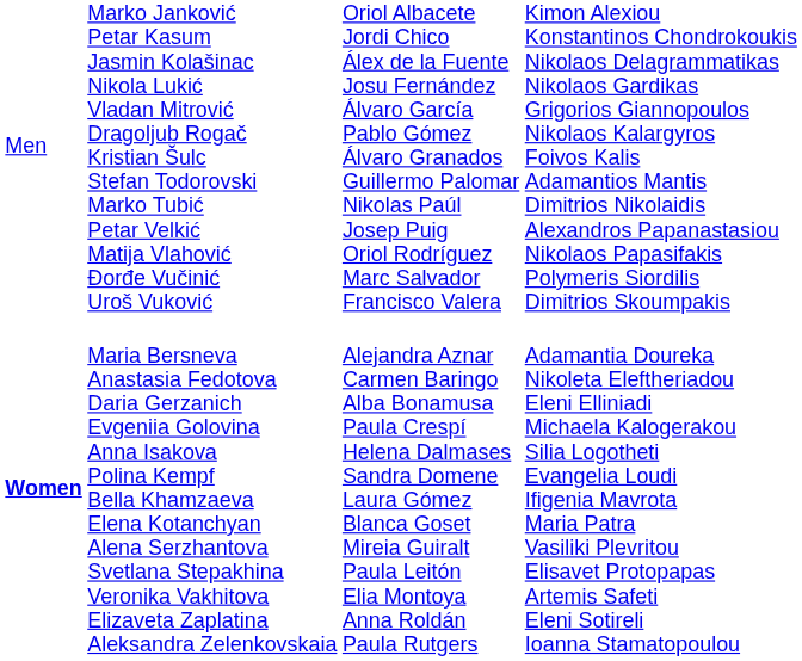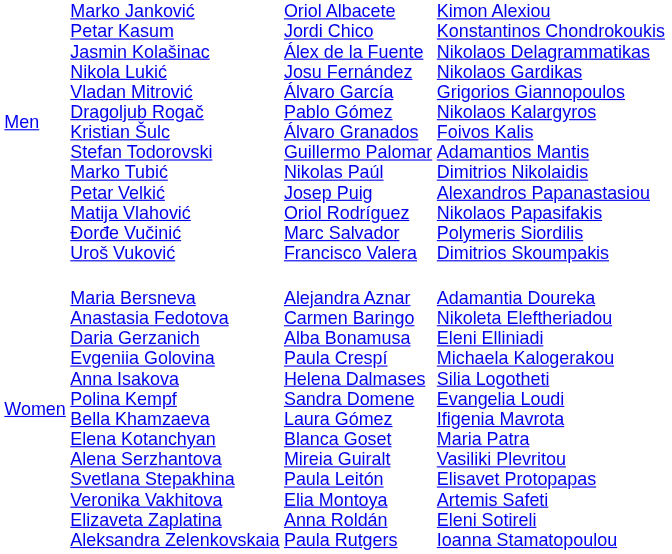 <table>
 <tr>
 <td><a href='#'>Men</a></td>
 <td><br><a href='#'>Marko Janković</a><br><a href='#'>Petar Kasum</a><br><a href='#'>Jasmin Kolašinac</a><br><a href='#'>Nikola Lukić</a><br><a href='#'>Vladan Mitrović</a><br><a href='#'>Dragoljub Rogač</a><br><a href='#'>Kristian Šulc</a><br><a href='#'>Stefan Todorovski</a><br><a href='#'>Marko Tubić</a><br><a href='#'>Petar Velkić</a><br><a href='#'>Matija Vlahović</a><br><a href='#'>Đorđe Vučinić</a><br><a href='#'>Uroš Vuković</a></td>
 <td><br><a href='#'>Oriol Albacete</a><br><a href='#'>Jordi Chico</a><br><a href='#'>Álex de la Fuente</a><br><a href='#'>Josu Fernández</a><br><a href='#'>Álvaro García</a><br><a href='#'>Pablo Gómez</a><br><a href='#'>Álvaro Granados</a><br><a href='#'>Guillermo Palomar</a><br><a href='#'>Nikolas Paúl</a><br><a href='#'>Josep Puig</a><br><a href='#'>Oriol Rodríguez</a><br><a href='#'>Marc Salvador</a><br><a href='#'>Francisco Valera</a></td>
 <td><br><a href='#'>Kimon Alexiou</a><br><a href='#'>Konstantinos Chondrokoukis</a><br><a href='#'>Nikolaos Delagrammatikas</a><br><a href='#'>Nikolaos Gardikas</a><br><a href='#'>Grigorios Giannopoulos</a><br><a href='#'>Nikolaos Kalargyros</a><br><a href='#'>Foivos Kalis</a><br><a href='#'>Adamantios Mantis</a><br><a href='#'>Dimitrios Nikolaidis</a><br><a href='#'>Alexandros Papanastasiou</a><br><a href='#'>Nikolaos Papasifakis</a><br><a href='#'>Polymeris Siordilis</a><br><a href='#'>Dimitrios Skoumpakis</a></td>
 </tr>
 <tr>
-<td><strong><a href='#'>Women</a></strong></td>
+<td><a href='#'>Women</a></td>
 <td><br><a href='#'>Maria Bersneva</a><br><a href='#'>Anastasia Fedotova</a><br><a href='#'>Daria Gerzanich</a><br><a href='#'>Evgeniia Golovina</a><br><a href='#'>Anna Isakova</a><br><a href='#'>Polina Kempf</a><br><a href='#'>Bella Khamzaeva</a><br><a href='#'>Elena Kotanchyan</a><br><a href='#'>Alena Serzhantova</a><br><a href='#'>Svetlana Stepakhina</a><br><a href='#'>Veronika Vakhitova</a><br><a href='#'>Elizaveta Zaplatina</a><br><a href='#'>Aleksandra Zelenkovskaia</a></td>
 <td><br><a href='#'>Alejandra Aznar</a><br><a href='#'>Carmen Baringo</a><br><a href='#'>Alba Bonamusa</a><br><a href='#'>Paula Crespí</a><br><a href='#'>Helena Dalmases</a><br><a href='#'>Sandra Domene</a><br><a href='#'>Laura Gómez</a><br><a href='#'>Blanca Goset</a><br><a href='#'>Mireia Guiralt</a><br><a href='#'>Paula Leitón</a><br><a href='#'>Elia Montoya</a><br><a href='#'>Anna Roldán</a><br><a href='#'>Paula Rutgers</a></td>
 <td><br><a href='#'>Adamantia Doureka</a><br><a href='#'>Nikoleta Eleftheriadou</a><br><a href='#'>Eleni Elliniadi</a><br><a href='#'>Michaela Kalogerakou</a><br><a href='#'>Silia Logotheti</a><br><a href='#'>Evangelia Loudi</a><br><a href='#'>Ifigenia Mavrota</a><br><a href='#'>Maria Patra</a><br><a href='#'>Vasiliki Plevritou</a><br><a href='#'>Elisavet Protopapas</a><br><a href='#'>Artemis Safeti</a><br><a href='#'>Eleni Sotireli</a><br><a href='#'>Ioanna Stamatopoulou</a></td>
 </tr>
 </table>
